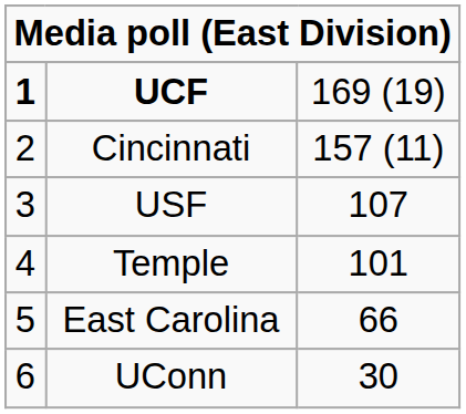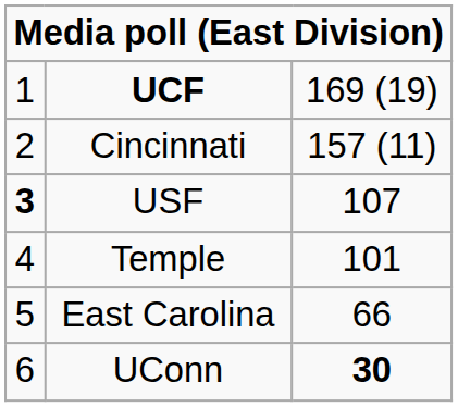 <table class="wikitable">
 <tr align="center">
 <td align="center" Colspan="3"><strong>Media poll (East Division)</strong></td>
 </tr>
 <tr align="center">
 </tr>
 <tr align="center">
-<td><strong>1</strong></td>
+<td>1</td>
 <td><strong>UCF</strong></td>
 <td>169 (19)</td>
 </tr>
 <tr align="center">
 <td>2</td>
 <td>Cincinnati</td>
 <td>157 (11)</td>
 </tr>
 <tr align="center">
-<td>3</td>
+<td><strong>3</strong></td>
 <td>USF</td>
 <td>107</td>
 </tr>
 <tr align="center">
 <td>4</td>
 <td>Temple</td>
 <td>101</td>
 </tr>
 <tr align="center">
 <td>5</td>
 <td>East Carolina</td>
 <td>66</td>
 </tr>
 <tr align="center">
 <td>6</td>
 <td>UConn</td>
-<td>30</td>
+<td><strong>30</strong></td>
 </tr>
 </table>
